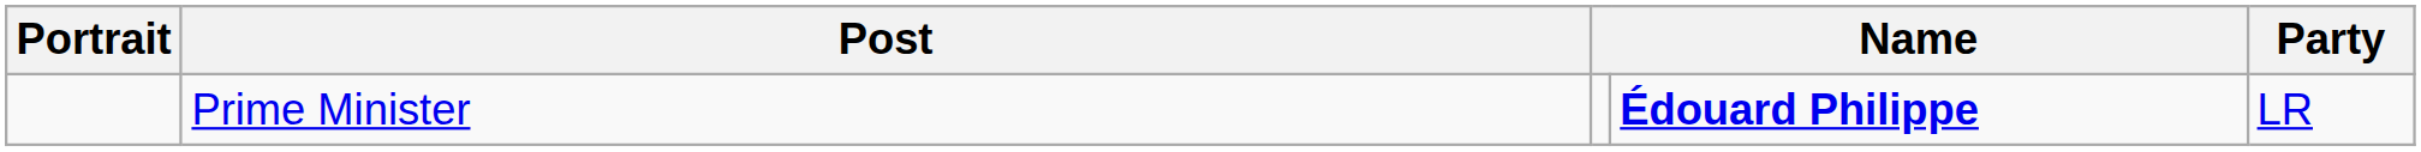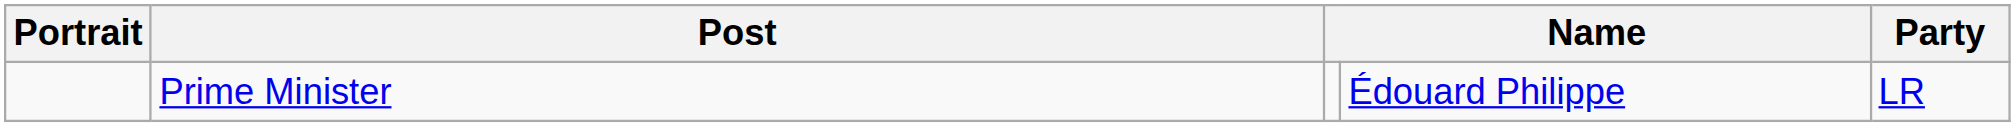 <table class="wikitable sortable" style="width:100%;">
 <tr>
 <th scope="col" class="unsortable">Portrait</th>
 <th scope="col">Post</th>
 <th colspan="2" scope="col" class="unsortable">Name</th>
 <th scope="col">Party</th>
 </tr>
 <tr>
 <td width="80px"></td>
 <td width=60%><a href='#'>Prime Minister</a></td>
 <td style="background:"></td>
-<td width=27%><strong><a href='#'>Édouard Philippe</a></strong></td>
+<td width=27%><a href='#'>Édouard Philippe</a></td>
 <td width=7%><a href='#'>LR</a></td>
 </tr>
 </table>
